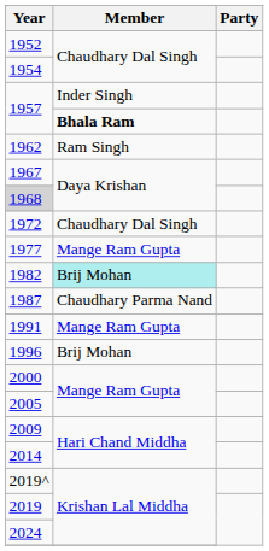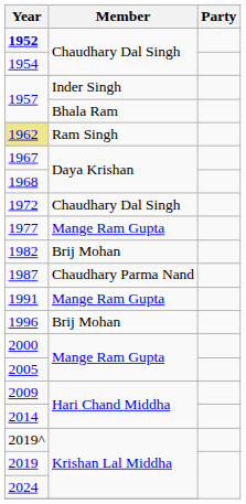 <table class="wikitable">
 <tr>
 <th>Year</th>
 <th>Member</th>
 <th colspan="2">Party</th>
 </tr>
 <tr>
-<td><a href='#'>1952</a></td>
+<td><strong><a href='#'>1952</a></strong></td>
 <td rowspan="2">Chaudhary Dal Singh</td>
 <td></td>
 </tr>
 <tr>
 <td><a href='#'>1954</a></td>
 </tr>
 <tr>
 <td rowspan="2"><a href='#'>1957</a></td>
 <td>Inder Singh</td>
 <td></td>
 </tr>
 <tr>
-<td><strong>Bhala Ram</strong></td>
+<td>Bhala Ram</td>
 </tr>
 <tr>
-<td><a href='#'>1962</a></td>
+<td style="background: khaki;"><a href='#'>1962</a></td>
 <td>Ram Singh</td>
 <td></td>
 </tr>
 <tr>
 <td><a href='#'>1967</a></td>
 <td rowspan="2">Daya Krishan</td>
 <td></td>
 </tr>
 <tr>
-<td style="background: lightgrey;"><a href='#'>1968</a></td>
+<td><a href='#'>1968</a></td>
 </tr>
 <tr>
 <td><a href='#'>1972</a></td>
 <td>Chaudhary Dal Singh</td>
 <td></td>
 </tr>
 <tr>
 <td><a href='#'>1977</a></td>
 <td><a href='#'>Mange Ram Gupta</a></td>
 <td></td>
 </tr>
 <tr>
 <td><a href='#'>1982</a></td>
-<td style="background: paleturquoise;">Brij Mohan</td>
+<td>Brij Mohan</td>
 <td></td>
 </tr>
 <tr>
 <td><a href='#'>1987</a></td>
 <td>Chaudhary Parma Nand</td>
 </tr>
 <tr>
 <td><a href='#'>1991</a></td>
 <td><a href='#'>Mange Ram Gupta</a></td>
 <td></td>
 </tr>
 <tr>
 <td><a href='#'>1996</a></td>
 <td>Brij Mohan</td>
 <td></td>
 </tr>
 <tr>
 <td><a href='#'>2000</a></td>
 <td rowspan="2"><a href='#'>Mange Ram Gupta</a></td>
 <td></td>
 </tr>
 <tr>
 <td><a href='#'>2005</a></td>
 </tr>
 <tr>
 <td><a href='#'>2009</a></td>
 <td rowspan="2"><a href='#'>Hari Chand Middha</a></td>
 <td></td>
 </tr>
 <tr>
 <td><a href='#'>2014</a></td>
 </tr>
 <tr>
 <td>2019^</td>
 <td rowspan="3"><a href='#'>Krishan Lal Middha</a></td>
 <td></td>
 </tr>
 <tr>
 <td><a href='#'>2019</a></td>
 </tr>
 <tr>
 <td><a href='#'>2024</a></td>
 </tr>
 <tr>
 </tr>
 </table>
